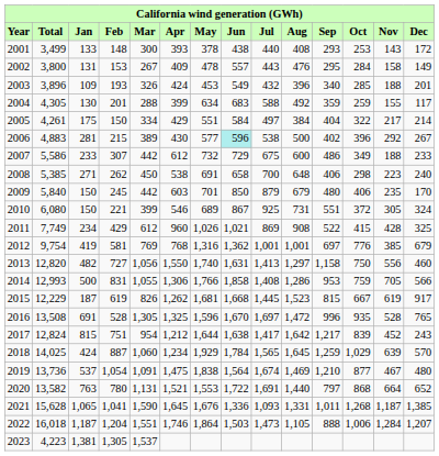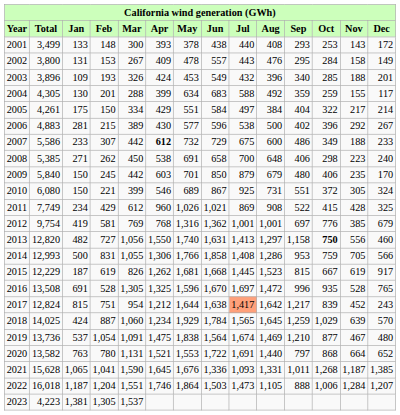 <table class="wikitable" style="text-align:right;">
 <tr>
 <th colspan="14" style="background:#cfb;">California wind generation (GWh)</th>
 </tr>
 <tr>
 <th style="background:#cfb;">Year</th>
 <th style="background:#cfb;">Total</th>
 <th style="background:#cfb;">Jan</th>
 <th style="background:#cfb;">Feb</th>
 <th style="background:#cfb;">Mar</th>
 <th style="background:#cfb;">Apr</th>
 <th style="background:#cfb;">May</th>
 <th style="background:#cfb;">Jun</th>
 <th style="background:#cfb;">Jul</th>
 <th style="background:#cfb;">Aug</th>
 <th style="background:#cfb;">Sep</th>
 <th style="background:#cfb;">Oct</th>
 <th style="background:#cfb;">Nov</th>
 <th style="background:#cfb;">Dec</th>
 </tr>
 <tr align=right>
 <td>2001</td>
 <td>3,499</td>
 <td>133</td>
 <td>148</td>
 <td>300</td>
 <td>393</td>
 <td>378</td>
 <td>438</td>
 <td>440</td>
 <td>408</td>
 <td>293</td>
 <td>253</td>
 <td>143</td>
 <td>172</td>
 </tr>
 <tr align=right>
 <td>2002</td>
 <td>3,800</td>
 <td>131</td>
 <td>153</td>
 <td>267</td>
 <td>409</td>
 <td>478</td>
 <td>557</td>
 <td>443</td>
 <td>476</td>
 <td>295</td>
 <td>284</td>
 <td>158</td>
 <td>149</td>
 </tr>
 <tr align=right>
 <td>2003</td>
 <td>3,896</td>
 <td>109</td>
 <td>193</td>
 <td>326</td>
 <td>424</td>
 <td>453</td>
 <td>549</td>
 <td>432</td>
 <td>396</td>
 <td>340</td>
 <td>285</td>
 <td>188</td>
 <td>201</td>
 </tr>
 <tr align=right>
 <td>2004</td>
 <td>4,305</td>
 <td>130</td>
 <td>201</td>
 <td>288</td>
 <td>399</td>
 <td>634</td>
 <td>683</td>
 <td>588</td>
 <td>492</td>
 <td>359</td>
 <td>259</td>
 <td>155</td>
 <td>117</td>
 </tr>
 <tr align=right>
 <td>2005</td>
 <td>4,261</td>
 <td>175</td>
 <td>150</td>
 <td>334</td>
 <td>429</td>
 <td>551</td>
 <td>584</td>
 <td>497</td>
 <td>384</td>
 <td>404</td>
 <td>322</td>
 <td>217</td>
 <td>214</td>
 </tr>
 <tr align=right>
 <td>2006</td>
 <td>4,883</td>
 <td>281</td>
 <td>215</td>
 <td>389</td>
 <td>430</td>
 <td>577</td>
-<td style="background: paleturquoise;">596</td>
+<td>596</td>
 <td>538</td>
 <td>500</td>
 <td>402</td>
 <td>396</td>
 <td>292</td>
 <td>267</td>
 </tr>
 <tr align=right>
 <td>2007</td>
 <td>5,586</td>
 <td>233</td>
 <td>307</td>
 <td>442</td>
-<td>612</td>
+<td><strong>612</strong></td>
 <td>732</td>
 <td>729</td>
 <td>675</td>
 <td>600</td>
 <td>486</td>
 <td>349</td>
 <td>188</td>
 <td>233</td>
 </tr>
 <tr align=right>
 <td>2008</td>
 <td>5,385</td>
 <td>271</td>
 <td>262</td>
 <td>450</td>
 <td>538</td>
 <td>691</td>
 <td>658</td>
 <td>700</td>
 <td>648</td>
 <td>406</td>
 <td>298</td>
 <td>223</td>
 <td>240</td>
 </tr>
 <tr align=right>
 <td>2009</td>
 <td>5,840</td>
 <td>150</td>
 <td>245</td>
 <td>442</td>
 <td>603</td>
 <td>701</td>
 <td>850</td>
 <td>879</td>
 <td>679</td>
 <td>480</td>
 <td>406</td>
 <td>235</td>
 <td>170</td>
 </tr>
 <tr align=right>
 <td>2010</td>
 <td>6,080</td>
 <td>150</td>
 <td>221</td>
 <td>399</td>
 <td>546</td>
 <td>689</td>
 <td>867</td>
 <td>925</td>
 <td>731</td>
 <td>551</td>
 <td>372</td>
 <td>305</td>
 <td>324</td>
 </tr>
 <tr align=right>
 <td>2011</td>
 <td>7,749</td>
 <td>234</td>
 <td>429</td>
 <td>612</td>
 <td>960</td>
 <td>1,026</td>
 <td>1,021</td>
 <td>869</td>
 <td>908</td>
 <td>522</td>
 <td>415</td>
 <td>428</td>
 <td>325</td>
 </tr>
 <tr align=right>
 <td>2012</td>
 <td>9,754</td>
 <td>419</td>
 <td>581</td>
 <td>769</td>
 <td>768</td>
 <td>1,316</td>
 <td>1,362</td>
 <td>1,001</td>
 <td>1,001</td>
 <td>697</td>
 <td>776</td>
 <td>385</td>
 <td>679</td>
 </tr>
 <tr align=right>
 <td>2013</td>
 <td>12,820</td>
 <td>482</td>
 <td>727</td>
 <td>1,056</td>
 <td>1,550</td>
 <td>1,740</td>
 <td>1,631</td>
 <td>1,413</td>
 <td>1,297</td>
 <td>1,158</td>
-<td>750</td>
+<td><strong>750</strong></td>
 <td>556</td>
 <td>460</td>
 </tr>
 <tr align=right>
 <td>2014</td>
 <td>12,993</td>
 <td>500</td>
 <td>831</td>
 <td>1,055</td>
 <td>1,306</td>
 <td>1,766</td>
 <td>1,858</td>
 <td>1,408</td>
 <td>1,286</td>
 <td>953</td>
 <td>759</td>
 <td>705</td>
 <td>566</td>
 </tr>
 <tr align=right>
 <td>2015</td>
 <td>12,229</td>
 <td>187</td>
 <td>619</td>
 <td>826</td>
 <td>1,262</td>
 <td>1,681</td>
 <td>1,668</td>
 <td>1,445</td>
 <td>1,523</td>
 <td>815</td>
 <td>667</td>
 <td>619</td>
 <td>917</td>
 </tr>
 <tr align=right>
 <td>2016</td>
 <td>13,508</td>
 <td>691</td>
 <td>528</td>
 <td>1,305</td>
 <td>1,325</td>
 <td>1,596</td>
 <td>1,670</td>
 <td>1,697</td>
 <td>1,472</td>
 <td>996</td>
 <td>935</td>
 <td>528</td>
 <td>765</td>
 </tr>
 <tr align=right>
 <td>2017</td>
 <td>12,824</td>
 <td>815</td>
 <td>751</td>
 <td>954</td>
 <td>1,212</td>
 <td>1,644</td>
 <td>1,638</td>
-<td>1,417</td>
+<td style="background: lightsalmon;">1,417</td>
 <td>1,642</td>
 <td>1,217</td>
 <td>839</td>
 <td>452</td>
 <td>243</td>
 </tr>
 <tr align=right>
 <td>2018</td>
 <td>14,025</td>
 <td>424</td>
 <td>887</td>
 <td>1,060</td>
 <td>1,234</td>
 <td>1,929</td>
 <td>1,784</td>
 <td>1,565</td>
 <td>1,645</td>
 <td>1,259</td>
 <td>1,029</td>
 <td>639</td>
 <td>570</td>
 </tr>
 <tr align=right>
 <td>2019</td>
 <td>13,736</td>
 <td>537</td>
 <td>1,054</td>
 <td>1,091</td>
 <td>1,475</td>
 <td>1,838</td>
 <td>1,564</td>
 <td>1,674</td>
 <td>1,469</td>
 <td>1,210</td>
 <td>877</td>
 <td>467</td>
 <td>480</td>
 </tr>
 <tr align=right>
 <td>2020</td>
 <td>13,582</td>
 <td>763</td>
 <td>780</td>
 <td>1,131</td>
 <td>1,521</td>
 <td>1,553</td>
 <td>1,722</td>
 <td>1,691</td>
 <td>1,440</td>
 <td>797</td>
 <td>868</td>
 <td>664</td>
 <td>652</td>
 </tr>
 <tr align=right>
 <td>2021</td>
 <td>15,628</td>
 <td>1,065</td>
 <td>1,041</td>
 <td>1,590</td>
 <td>1,645</td>
 <td>1,676</td>
 <td>1,336</td>
 <td>1,093</td>
 <td>1,331</td>
 <td>1,011</td>
 <td>1,268</td>
 <td>1,187</td>
 <td>1,385</td>
 </tr>
 <tr align=right>
 <td>2022</td>
 <td>16,018</td>
 <td>1,187</td>
 <td>1,204</td>
 <td>1,551</td>
 <td>1,746</td>
 <td>1,864</td>
 <td>1,503</td>
 <td>1,473</td>
 <td>1,105</td>
 <td>888</td>
 <td>1,006</td>
 <td>1,284</td>
 <td>1,207</td>
 </tr>
 <tr align=right>
 <td>2023</td>
 <td>4,223</td>
 <td>1,381</td>
 <td>1,305</td>
 <td>1,537</td>
 <td></td>
 <td></td>
 <td></td>
 <td></td>
 <td></td>
 <td></td>
 <td></td>
 <td></td>
 <td></td>
 </tr>
 </table>
